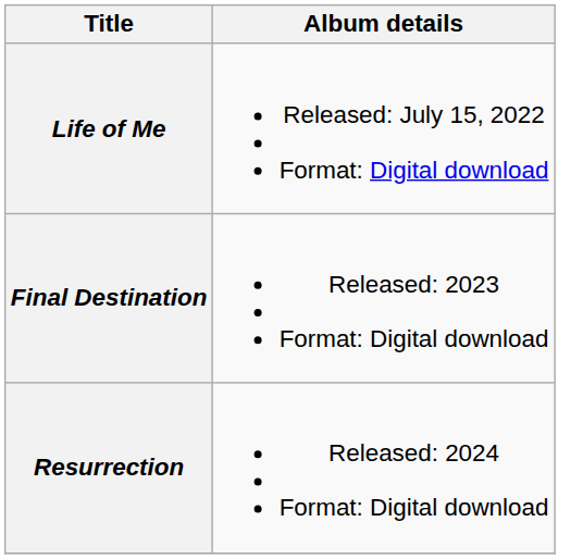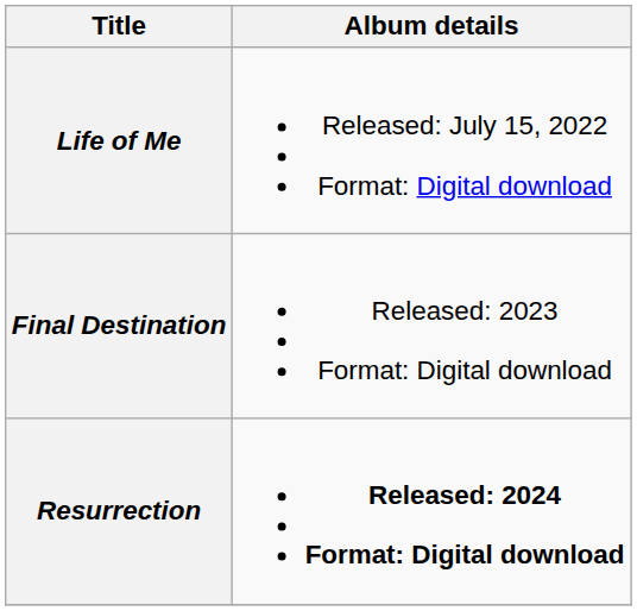 <table class="wikitable plainrowheaders" style="text-align:center;">
 <tr>
 <th>Title</th>
 <th>Album details</th>
 </tr>
 <tr>
 <th scope="row"><em>Life of Me</em></th>
 <td><br><ul><li>Released: July 15, 2022</li><li></li><li>Format: <a href='#'>Digital download</a></li></ul></td>
 </tr>
 <tr>
 <th scope="row"><em>Final Destination</em></th>
 <td><br><ul><li>Released: 2023</li><li></li><li>Format: Digital download</li></ul></td>
 </tr>
 <tr>
 <th scope="row"><em>Resurrection</em></th>
-<td><br><ul><li>Released: 2024</li><li></li><li>Format: Digital download</li></ul></td>
+<td><strong><br><ul><li>Released: 2024</li><li></li><li>Format: Digital download</li></ul></strong></td>
 </tr>
 <tr>
 </tr>
 </table>
